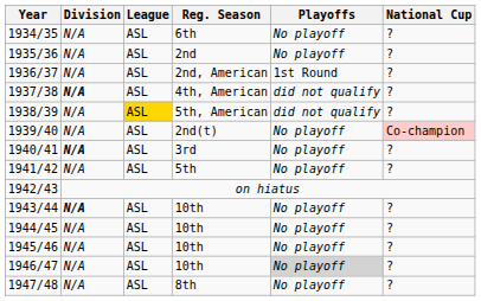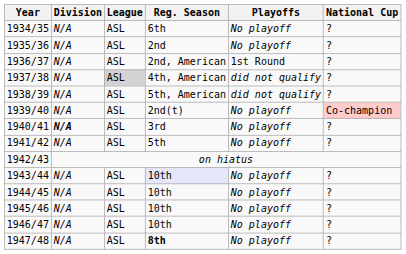 <table class="wikitable">
 <tr>
 <th>Year</th>
 <th>Division</th>
 <th>League</th>
 <th>Reg. Season</th>
 <th>Playoffs</th>
 <th>National Cup</th>
 </tr>
 <tr>
 <td>1934/35</td>
 <td><em>N/A</em></td>
 <td>ASL</td>
 <td>6th</td>
 <td><em>No playoff</em></td>
 <td>?</td>
 </tr>
 <tr>
 <td>1935/36</td>
 <td><em>N/A</em></td>
 <td>ASL</td>
 <td>2nd</td>
 <td><em>No playoff</em></td>
 <td>?</td>
 </tr>
 <tr>
 <td>1936/37</td>
 <td><em>N/A</em></td>
 <td>ASL</td>
 <td>2nd, American</td>
 <td>1st Round</td>
 <td>?</td>
 </tr>
 <tr>
 <td>1937/38</td>
-<td><strong><em>N/A</em></strong></td>
-<td>ASL</td>
+<td><em>N/A</em></td>
+<td style="background: lightgrey;">ASL</td>
 <td>4th, American</td>
 <td><em>did not qualify</em></td>
 <td>?</td>
 </tr>
 <tr>
 <td>1938/39</td>
 <td><em>N/A</em></td>
-<td style="background: gold;">ASL</td>
+<td>ASL</td>
 <td>5th, American</td>
 <td><em>did not qualify</em></td>
 <td>?</td>
 </tr>
 <tr>
 <td>1939/40</td>
 <td><em>N/A</em></td>
 <td>ASL</td>
 <td>2nd(t)</td>
 <td><em>No playoff</em></td>
 <td bgcolor="FFCBCB">Co-champion</td>
 </tr>
 <tr>
 <td>1940/41</td>
 <td><strong><em>N/A</em></strong></td>
 <td>ASL</td>
 <td>3rd</td>
 <td><em>No playoff</em></td>
 <td>?</td>
 </tr>
 <tr>
 <td>1941/42</td>
 <td><em>N/A</em></td>
 <td>ASL</td>
 <td>5th</td>
 <td><em>No playoff</em></td>
 <td>?</td>
 </tr>
 <tr>
 <td>1942/43</td>
 <td colspan=5 align=center><em>on hiatus</em></td>
 </tr>
 <tr>
 <td>1943/44</td>
-<td><strong><em>N/A</em></strong></td>
+<td><em>N/A</em></td>
 <td>ASL</td>
-<td>10th</td>
+<td style="background: lavender;">10th</td>
 <td><em>No playoff</em></td>
 <td>?</td>
 </tr>
 <tr>
 <td>1944/45</td>
 <td><em>N/A</em></td>
 <td>ASL</td>
 <td>10th</td>
 <td><em>No playoff</em></td>
 <td>?</td>
 </tr>
 <tr>
 <td>1945/46</td>
 <td><em>N/A</em></td>
 <td>ASL</td>
 <td>10th</td>
 <td><em>No playoff</em></td>
 <td>?</td>
 </tr>
 <tr>
 <td>1946/47</td>
 <td><em>N/A</em></td>
 <td>ASL</td>
 <td>10th</td>
-<td style="background: lightgrey;"><em>No playoff</em></td>
+<td><em>No playoff</em></td>
 <td>?</td>
 </tr>
 <tr>
 <td>1947/48</td>
 <td><em>N/A</em></td>
 <td>ASL</td>
-<td>8th</td>
+<td><strong>8th</strong></td>
 <td><em>No playoff</em></td>
 <td>?</td>
 </tr>
 </table>
